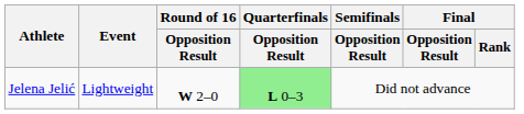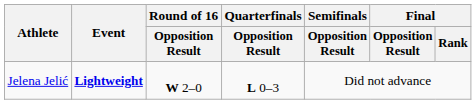 <table class="wikitable" style="font-size:90%">
 <tr>
 <th rowspan="2">Athlete</th>
 <th rowspan="2">Event</th>
 <th>Round of 16</th>
 <th>Quarterfinals</th>
 <th>Semifinals</th>
 <th colspan=2>Final</th>
 </tr>
 <tr style="font-size:95%">
 <th>Opposition<br>Result</th>
 <th>Opposition<br>Result</th>
 <th>Opposition<br>Result</th>
 <th>Opposition<br>Result</th>
 <th>Rank</th>
 </tr>
 <tr align=center>
 <td align=left><a href='#'>Jelena Jelić</a></td>
-<td align=left><a href='#'>Lightweight</a></td>
+<td align=left><strong><a href='#'>Lightweight</a></strong></td>
 <td><br><strong>W</strong> 2–0</td>
-<td style="background: lightgreen;"><br><strong>L</strong> 0–3</td>
+<td><br><strong>L</strong> 0–3</td>
 <td colspan=3 align=center>Did not advance</td>
 </tr>
 </table>
